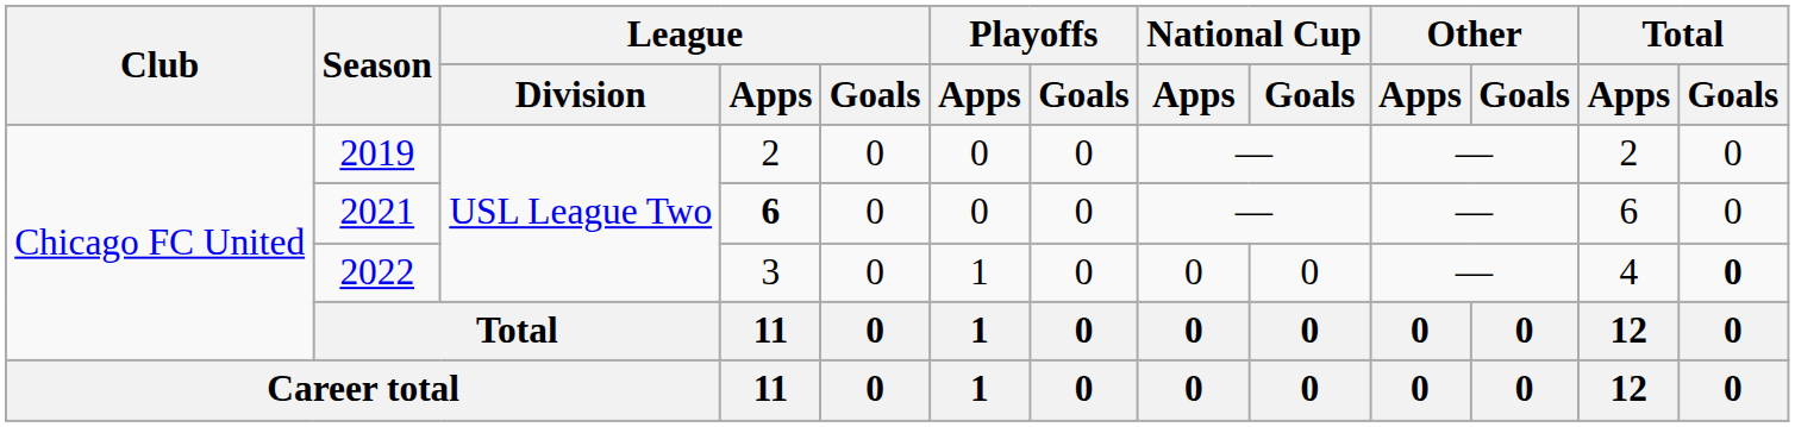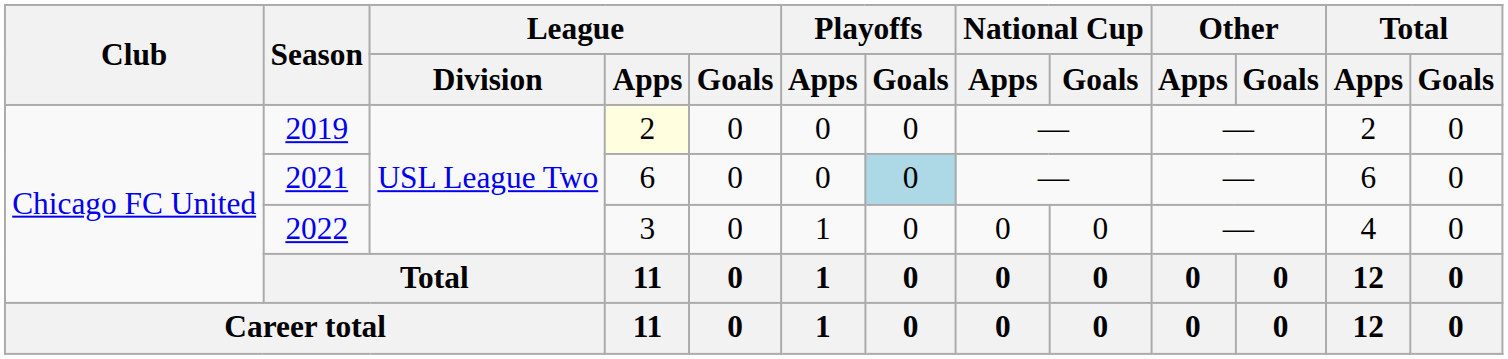 <table class="wikitable" style="text-align: center">
 <tr>
 <th rowspan="2">Club</th>
 <th rowspan="2">Season</th>
 <th colspan="3">League</th>
 <th colspan="2">Playoffs</th>
 <th colspan="2">National Cup</th>
 <th colspan="2">Other</th>
 <th colspan="2">Total</th>
 </tr>
 <tr>
 <th>Division</th>
 <th>Apps</th>
 <th>Goals</th>
 <th>Apps</th>
 <th>Goals</th>
 <th>Apps</th>
 <th>Goals</th>
 <th>Apps</th>
 <th>Goals</th>
 <th>Apps</th>
 <th>Goals</th>
 </tr>
 <tr>
 <td rowspan=4><a href='#'>Chicago FC United</a></td>
 <td><a href='#'>2019</a></td>
 <td rowspan=3><a href='#'>USL League Two</a></td>
-<td>2</td>
+<td style="background: lightyellow;">2</td>
 <td>0</td>
 <td>0</td>
 <td>0</td>
 <td colspan="2">—</td>
 <td colspan="2">—</td>
 <td>2</td>
 <td>0</td>
 </tr>
 <tr>
 <td><a href='#'>2021</a></td>
-<td><strong>6</strong></td>
+<td>6</td>
 <td>0</td>
 <td>0</td>
-<td>0</td>
+<td style="background: lightblue;">0</td>
 <td colspan="2">—</td>
 <td colspan="2">—</td>
 <td>6</td>
 <td>0</td>
 </tr>
 <tr>
 <td><a href='#'>2022</a></td>
 <td>3</td>
 <td>0</td>
 <td>1</td>
 <td>0</td>
 <td>0</td>
 <td>0</td>
 <td colspan="2">—</td>
 <td>4</td>
-<td><strong>0</strong></td>
+<td>0</td>
 </tr>
 <tr>
 <th colspan="2">Total</th>
 <th>11</th>
 <th>0</th>
 <th>1</th>
 <th>0</th>
 <th>0</th>
 <th>0</th>
 <th>0</th>
 <th>0</th>
 <th>12</th>
 <th>0</th>
 </tr>
 <tr>
 <th colspan="3">Career total</th>
 <th>11</th>
 <th>0</th>
 <th>1</th>
 <th>0</th>
 <th>0</th>
 <th>0</th>
 <th>0</th>
 <th>0</th>
 <th>12</th>
 <th>0</th>
 </tr>
 </table>
